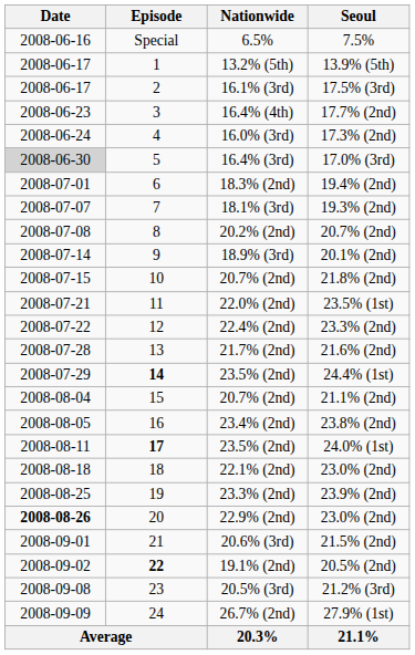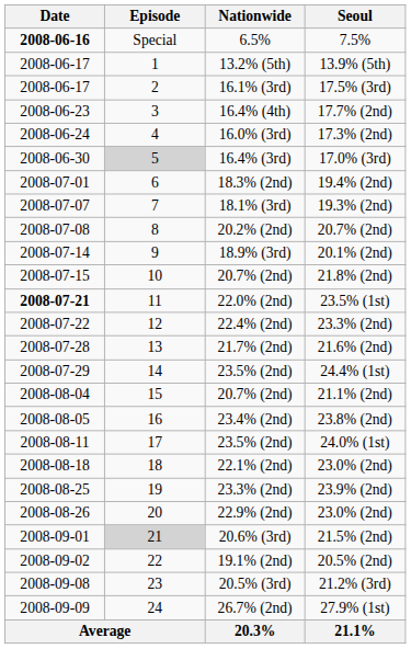 <table class="wikitable">
 <tr>
 <th width=100>Date</th>
 <th width=100>Episode</th>
 <th width=100>Nationwide</th>
 <th width=100>Seoul</th>
 </tr>
 <tr align=center>
-<td>2008-06-16</td>
+<td><strong>2008-06-16</strong></td>
 <td>Special</td>
 <td>6.5%</td>
 <td>7.5%</td>
 </tr>
 <tr align=center>
 <td>2008-06-17</td>
 <td>1</td>
 <td>13.2% (5th)</td>
 <td>13.9% (5th)</td>
 </tr>
 <tr align=center>
 <td>2008-06-17</td>
 <td>2</td>
 <td>16.1% (3rd)</td>
 <td>17.5% (3rd)</td>
 </tr>
 <tr align=center>
 <td>2008-06-23</td>
 <td>3</td>
 <td>16.4% (4th)</td>
 <td>17.7% (2nd)</td>
 </tr>
 <tr align=center>
 <td>2008-06-24</td>
 <td>4</td>
 <td>16.0% (3rd)</td>
 <td>17.3% (2nd)</td>
 </tr>
 <tr align=center>
-<td style="background: lightgrey;">2008-06-30</td>
-<td>5</td>
+<td>2008-06-30</td>
+<td style="background: lightgrey;">5</td>
 <td>16.4% (3rd)</td>
 <td>17.0% (3rd)</td>
 </tr>
 <tr align=center>
 <td>2008-07-01</td>
 <td>6</td>
 <td>18.3% (2nd)</td>
 <td>19.4% (2nd)</td>
 </tr>
 <tr align=center>
 <td>2008-07-07</td>
 <td>7</td>
 <td>18.1% (3rd)</td>
 <td>19.3% (2nd)</td>
 </tr>
 <tr align=center>
 <td>2008-07-08</td>
 <td>8</td>
 <td>20.2% (2nd)</td>
 <td>20.7% (2nd)</td>
 </tr>
 <tr align=center>
 <td>2008-07-14</td>
 <td>9</td>
 <td>18.9% (3rd)</td>
 <td>20.1% (2nd)</td>
 </tr>
 <tr align=center>
 <td>2008-07-15</td>
 <td>10</td>
 <td>20.7% (2nd)</td>
 <td>21.8% (2nd)</td>
 </tr>
 <tr align=center>
-<td>2008-07-21</td>
+<td><strong>2008-07-21</strong></td>
 <td>11</td>
 <td>22.0% (2nd)</td>
 <td>23.5% (1st)</td>
 </tr>
 <tr align=center>
 <td>2008-07-22</td>
 <td>12</td>
 <td>22.4% (2nd)</td>
 <td>23.3% (2nd)</td>
 </tr>
 <tr align=center>
 <td>2008-07-28</td>
 <td>13</td>
 <td>21.7% (2nd)</td>
 <td>21.6% (2nd)</td>
 </tr>
 <tr align=center>
 <td>2008-07-29</td>
-<td><strong>14</strong></td>
+<td>14</td>
 <td>23.5% (2nd)</td>
 <td>24.4% (1st)</td>
 </tr>
 <tr align=center>
 <td>2008-08-04</td>
 <td>15</td>
 <td>20.7% (2nd)</td>
 <td>21.1% (2nd)</td>
 </tr>
 <tr align=center>
 <td>2008-08-05</td>
 <td>16</td>
 <td>23.4% (2nd)</td>
 <td>23.8% (2nd)</td>
 </tr>
 <tr align=center>
 <td>2008-08-11</td>
-<td><strong>17</strong></td>
+<td>17</td>
 <td>23.5% (2nd)</td>
 <td>24.0% (1st)</td>
 </tr>
 <tr align=center>
 <td>2008-08-18</td>
 <td>18</td>
 <td>22.1% (2nd)</td>
 <td>23.0% (2nd)</td>
 </tr>
 <tr align=center>
 <td>2008-08-25</td>
 <td>19</td>
 <td>23.3% (2nd)</td>
 <td>23.9% (2nd)</td>
 </tr>
 <tr align=center>
-<td><strong>2008-08-26</strong></td>
+<td>2008-08-26</td>
 <td>20</td>
 <td>22.9% (2nd)</td>
 <td>23.0% (2nd)</td>
 </tr>
 <tr align=center>
 <td>2008-09-01</td>
-<td>21</td>
+<td style="background: lightgrey;">21</td>
 <td>20.6% (3rd)</td>
 <td>21.5% (2nd)</td>
 </tr>
 <tr align=center>
 <td>2008-09-02</td>
-<td><strong>22</strong></td>
+<td>22</td>
 <td>19.1% (2nd)</td>
 <td>20.5% (2nd)</td>
 </tr>
 <tr align=center>
 <td>2008-09-08</td>
 <td>23</td>
 <td>20.5% (3rd)</td>
 <td>21.2% (3rd)</td>
 </tr>
 <tr align=center>
 <td>2008-09-09</td>
 <td>24</td>
 <td>26.7% (2nd)</td>
 <td>27.9% (1st)</td>
 </tr>
 <tr align="center">
 <th colspan=2>Average</th>
 <th>20.3%</th>
 <th>21.1%</th>
 </tr>
 </table>
